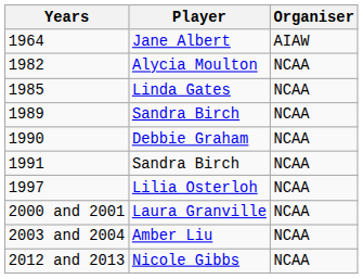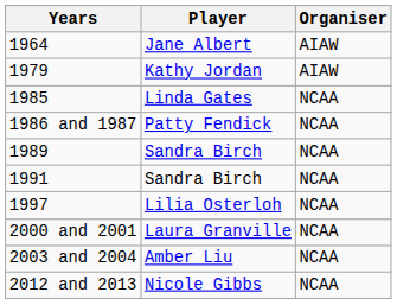 <table class="wikitable sortable">
 <tr>
 <th width=px>Years</th>
 <th width=px>Player</th>
 <th width=px>Organiser</th>
 </tr>
 <tr>
 <td>1964</td>
 <td><a href='#'>Jane Albert</a></td>
 <td>AIAW</td>
 </tr>
 <tr>
-<td>1982</td>
-<td><a href='#'>Alycia Moulton</a></td>
-<td>NCAA</td>
+<td>1979</td>
+<td><a href='#'>Kathy Jordan</a></td>
+<td>AIAW</td>
 </tr>
 <tr>
 <td>1985</td>
 <td><a href='#'>Linda Gates</a></td>
 <td>NCAA</td>
 </tr>
 <tr>
-<td>1989</td>
-<td><a href='#'>Sandra Birch</a></td>
+<td>1986 and 1987</td>
+<td><a href='#'>Patty Fendick</a></td>
 <td>NCAA</td>
 </tr>
 <tr>
-<td>1990</td>
-<td><a href='#'>Debbie Graham</a></td>
+<td>1989</td>
+<td><a href='#'>Sandra Birch</a></td>
 <td>NCAA</td>
 </tr>
 <tr>
 <td>1991</td>
 <td>Sandra Birch</td>
 <td>NCAA</td>
 </tr>
 <tr>
 <td>1997</td>
 <td><a href='#'>Lilia Osterloh</a></td>
 <td>NCAA</td>
 </tr>
 <tr>
 <td>2000 and 2001</td>
 <td><a href='#'>Laura Granville</a></td>
 <td>NCAA</td>
 </tr>
 <tr>
 <td>2003 and 2004</td>
 <td><a href='#'>Amber Liu</a></td>
 <td>NCAA</td>
 </tr>
 <tr>
 <td>2012 and 2013</td>
 <td><a href='#'>Nicole Gibbs</a></td>
 <td>NCAA</td>
 </tr>
 </table>
